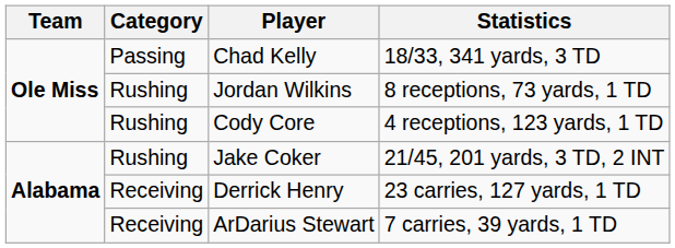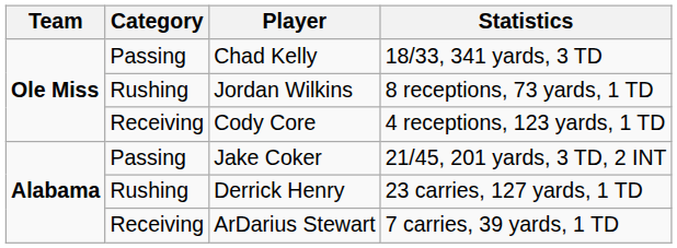 <table class="wikitable" style="float: right;">
 <tr>
 <th>Team</th>
 <th>Category</th>
 <th>Player</th>
 <th>Statistics</th>
 </tr>
 <tr>
 <td rowspan=3><strong>Ole Miss</strong></td>
 <td>Passing</td>
 <td>Chad Kelly</td>
 <td>18/33, 341 yards, 3 TD</td>
 </tr>
 <tr>
 <td>Rushing</td>
 <td>Jordan Wilkins</td>
 <td>8 receptions, 73 yards, 1 TD</td>
 </tr>
 <tr>
-<td>Rushing</td>
+<td>Receiving</td>
 <td>Cody Core</td>
 <td>4 receptions, 123 yards, 1 TD</td>
 </tr>
 <tr>
 <td rowspan=3><strong>Alabama</strong></td>
-<td>Rushing</td>
+<td>Passing</td>
 <td>Jake Coker</td>
 <td>21/45, 201 yards, 3 TD, 2 INT</td>
 </tr>
 <tr>
-<td>Receiving</td>
+<td>Rushing</td>
 <td>Derrick Henry</td>
 <td>23 carries, 127 yards, 1 TD</td>
 </tr>
 <tr>
 <td>Receiving</td>
 <td>ArDarius Stewart</td>
 <td>7 carries, 39 yards, 1 TD</td>
 </tr>
 </table>
